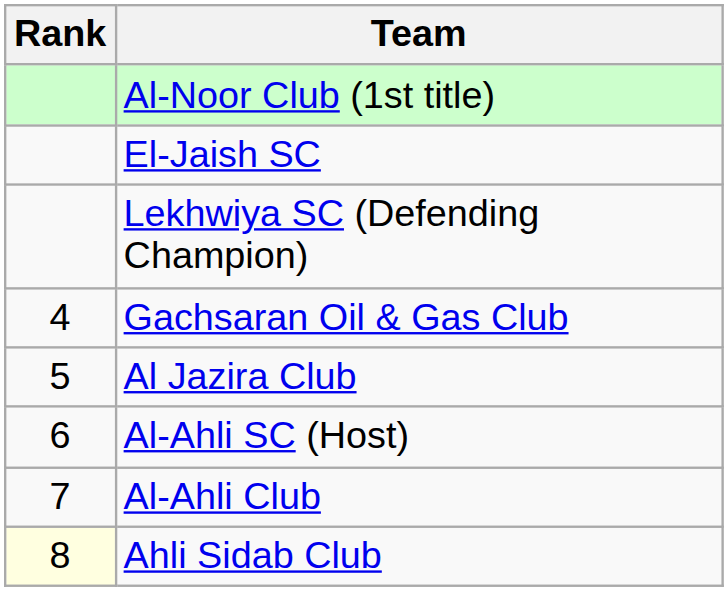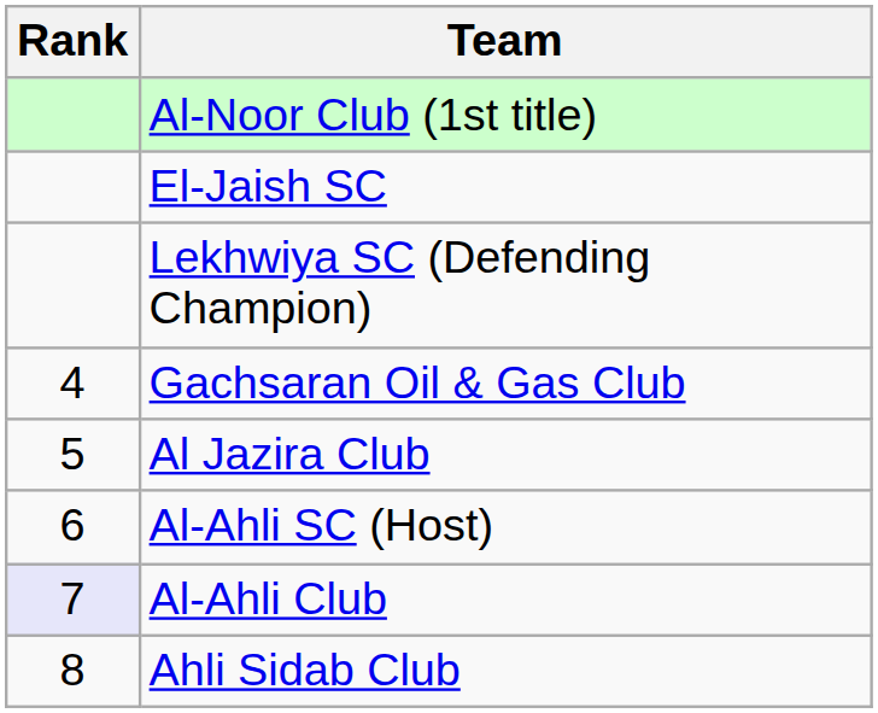 <table class=wikitable style="text-align:center;">
 <tr>
 <th>Rank</th>
 <th width=250>Team</th>
 </tr>
 <tr bgcolor=ccffcc>
 <td></td>
 <td align=left> <a href='#'>Al-Noor Club</a> (1st title)</td>
 </tr>
 <tr>
 <td></td>
 <td align=left> <a href='#'>El-Jaish SC</a></td>
 </tr>
 <tr>
 <td></td>
 <td align=left> <a href='#'>Lekhwiya SC</a> (Defending Champion)</td>
 </tr>
 <tr>
 <td>4</td>
 <td align=left> <a href='#'>Gachsaran Oil & Gas Club</a></td>
 </tr>
 <tr>
 <td>5</td>
 <td align=left> <a href='#'>Al Jazira Club</a></td>
 </tr>
 <tr>
 <td>6</td>
 <td align=left> <a href='#'>Al-Ahli SC</a> (Host)</td>
 </tr>
 <tr>
-<td>7</td>
+<td style="background: lavender;">7</td>
 <td align=left> <a href='#'>Al-Ahli Club</a></td>
 </tr>
 <tr>
-<td style="background: lightyellow;">8</td>
+<td>8</td>
 <td align=left> <a href='#'>Ahli Sidab Club</a></td>
 </tr>
 </table>
